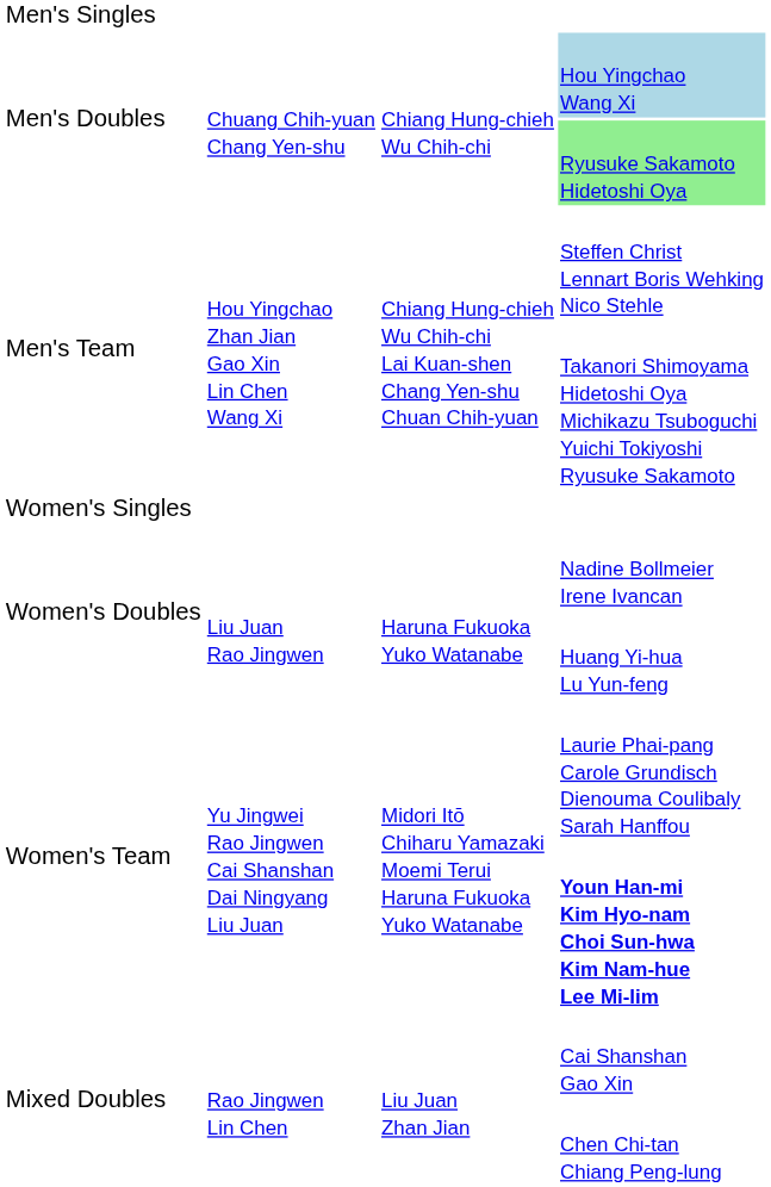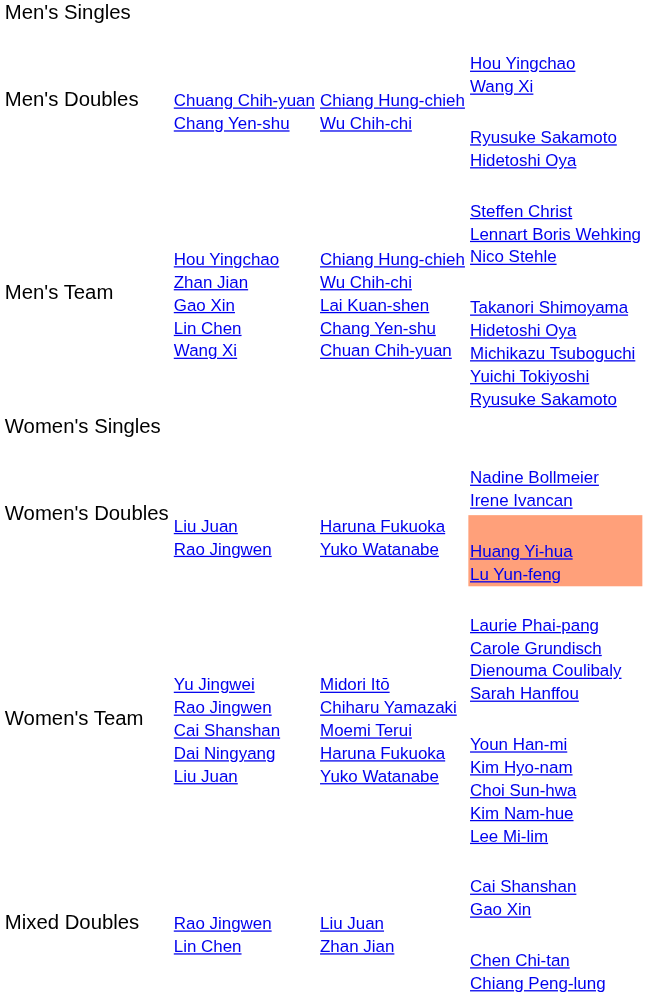 <table>
 <tr>
 <td rowspan=2>Men's Singles</td>
 <td rowspan=2></td>
 <td rowspan=2></td>
 <td></td>
 </tr>
 <tr>
 <td></td>
 </tr>
 <tr>
 <td rowspan=2>Men's Doubles</td>
 <td rowspan=2><br><small><a href='#'>Chuang Chih-yuan</a><br><a href='#'>Chang Yen-shu</a></small></td>
 <td rowspan=2><br><small><a href='#'>Chiang Hung-chieh</a><br><a href='#'>Wu Chih-chi</a></small></td>
-<td style="background: lightblue;"> <br><small><a href='#'>Hou Yingchao</a><br><a href='#'>Wang Xi</a></small></td>
+<td> <br><small><a href='#'>Hou Yingchao</a><br><a href='#'>Wang Xi</a></small></td>
 </tr>
 <tr>
-<td style="background: lightgreen;"><br><small><a href='#'>Ryusuke Sakamoto</a><br><a href='#'>Hidetoshi Oya</a></small></td>
+<td><br><small><a href='#'>Ryusuke Sakamoto</a><br><a href='#'>Hidetoshi Oya</a></small></td>
 </tr>
 <tr>
 <td rowspan=2>Men's Team</td>
 <td rowspan=2><br><small><a href='#'>Hou Yingchao</a><br><a href='#'>Zhan Jian</a><br><a href='#'>Gao Xin</a><br><a href='#'>Lin Chen</a><br><a href='#'>Wang Xi</a></small></td>
 <td rowspan=2><br><small><a href='#'>Chiang Hung-chieh</a><br><a href='#'>Wu Chih-chi</a><br><a href='#'>Lai Kuan-shen</a><br><a href='#'>Chang Yen-shu</a><br><a href='#'>Chuan Chih-yuan</a></small></td>
 <td><br><small><a href='#'>Steffen Christ</a><br><a href='#'>Lennart Boris Wehking</a><br><a href='#'>Nico Stehle</a></small></td>
 </tr>
 <tr>
 <td><br><small><a href='#'>Takanori Shimoyama</a><br><a href='#'>Hidetoshi Oya</a><br><a href='#'>Michikazu Tsuboguchi</a><br><a href='#'>Yuichi Tokiyoshi</a><br><a href='#'>Ryusuke Sakamoto</a></small></td>
 </tr>
 <tr>
 <td rowspan=2>Women's Singles</td>
 <td rowspan=2></td>
 <td rowspan=2></td>
 <td></td>
 </tr>
 <tr>
 <td></td>
 </tr>
 <tr>
 <td rowspan=2>Women's Doubles</td>
 <td rowspan=2> <br><br><small><a href='#'>Liu Juan</a><br><a href='#'>Rao Jingwen</a></small></td>
 <td rowspan=2> <br><br><small><a href='#'>Haruna Fukuoka</a><br><a href='#'>Yuko Watanabe</a></small></td>
 <td><br><small><a href='#'>Nadine Bollmeier </a><br><a href='#'>Irene Ivancan</a></small></td>
 </tr>
 <tr>
-<td><br><small><a href='#'>Huang Yi-hua</a><br><a href='#'>Lu Yun-feng</a></small></td>
+<td style="background: lightsalmon;"><br><small><a href='#'>Huang Yi-hua</a><br><a href='#'>Lu Yun-feng</a></small></td>
 </tr>
 <tr>
 <td rowspan=2>Women's Team</td>
 <td rowspan=2><br><small><a href='#'>Yu Jingwei</a><br><a href='#'>Rao Jingwen</a><br><a href='#'>Cai Shanshan</a><br><a href='#'>Dai Ningyang</a><br><a href='#'>Liu Juan</a></small></td>
 <td rowspan=2><br><small><a href='#'>Midori Itō</a><br><a href='#'>Chiharu Yamazaki</a><br><a href='#'>Moemi Terui</a><br><a href='#'>Haruna Fukuoka</a><br><a href='#'>Yuko Watanabe</a></small></td>
 <td><br><small><a href='#'>Laurie Phai-pang</a><br><a href='#'>Carole Grundisch</a><br><a href='#'>Dienouma Coulibaly</a><br><a href='#'>Sarah Hanffou</a></small></td>
 </tr>
 <tr>
-<td><strong><br><small><a href='#'>Youn Han-mi</a><br><a href='#'>Kim Hyo-nam</a><br><a href='#'>Choi Sun-hwa</a><br><a href='#'>Kim Nam-hue</a><br><a href='#'>Lee Mi-lim</a></small></strong></td>
+<td><br><small><a href='#'>Youn Han-mi</a><br><a href='#'>Kim Hyo-nam</a><br><a href='#'>Choi Sun-hwa</a><br><a href='#'>Kim Nam-hue</a><br><a href='#'>Lee Mi-lim</a></small></td>
 </tr>
 <tr>
 <td rowspan=2>Mixed Doubles</td>
 <td rowspan=2> <br><small><a href='#'>Rao Jingwen</a><br><a href='#'>Lin Chen</a></small></td>
 <td rowspan=2> <br><small><a href='#'>Liu Juan</a><br><a href='#'>Zhan Jian</a></small></td>
 <td><br><small><a href='#'>Cai Shanshan</a><br><a href='#'>Gao Xin</a></small></td>
 </tr>
 <tr>
 <td> <br><small><a href='#'>Chen Chi-tan</a><br><a href='#'>Chiang Peng-lung</a></small></td>
 </tr>
 </table>
